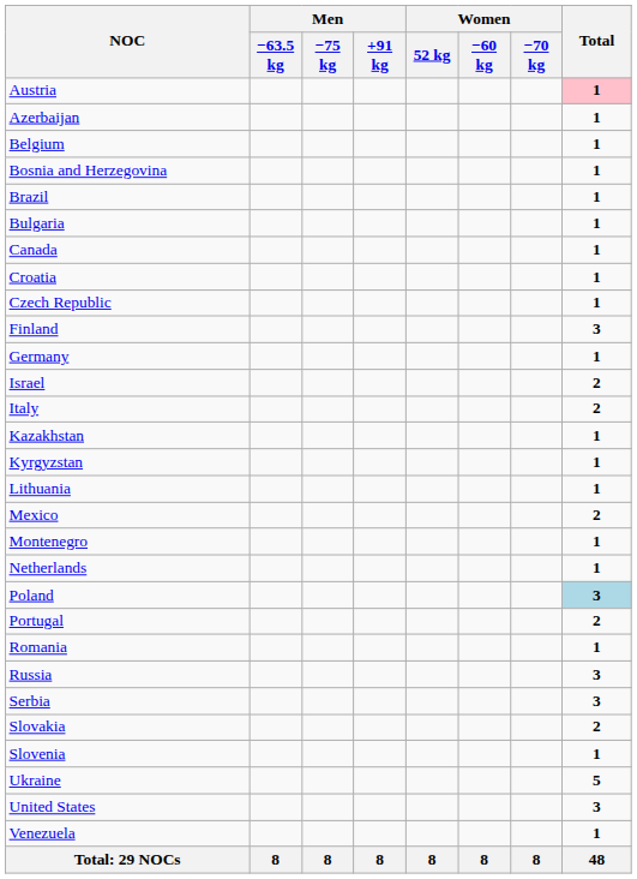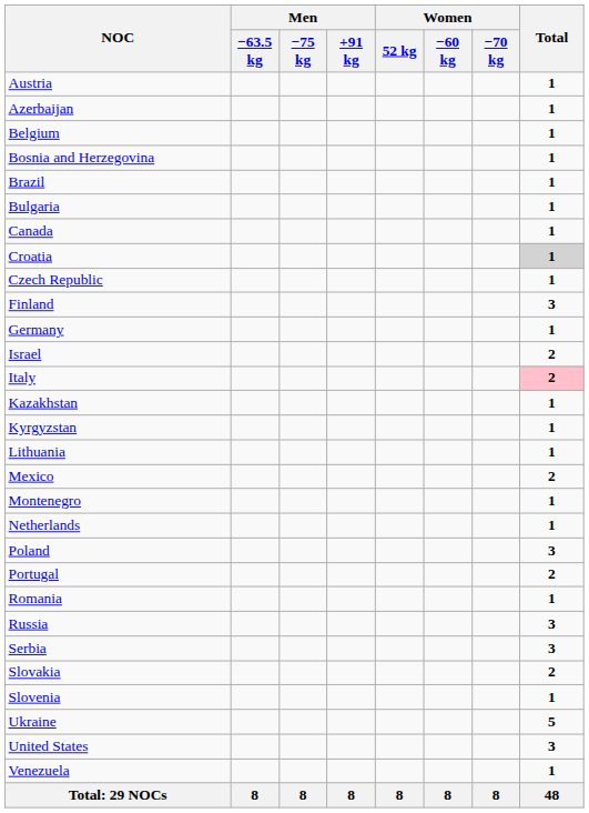 <table class="wikitable sortable" style="text-align:center; font-size:90%">
 <tr>
 <th rowspan="2" width=212 align="left">NOC</th>
 <th colspan=3>Men</th>
 <th colspan=3>Women</th>
 <th width=55 rowspan="2">Total</th>
 </tr>
 <tr>
 <th width=40><a href='#'>−63.5 kg</a></th>
 <th width=40><a href='#'>−75 kg</a></th>
 <th width=40><a href='#'>+91 kg</a></th>
 <th width=40><a href='#'>52 kg</a></th>
 <th width=40><a href='#'>−60 kg</a></th>
 <th width=40><a href='#'>−70 kg</a></th>
 </tr>
 <tr>
 <td align=left> <a href='#'>Austria</a></td>
 <td></td>
 <td></td>
 <td></td>
 <td></td>
 <td></td>
 <td></td>
-<td style="background: pink;"><strong>1</strong></td>
+<td><strong>1</strong></td>
 </tr>
 <tr>
 <td align=left> <a href='#'>Azerbaijan</a></td>
 <td></td>
 <td></td>
 <td></td>
 <td></td>
 <td></td>
 <td></td>
 <td><strong>1</strong></td>
 </tr>
 <tr>
 <td align=left> <a href='#'>Belgium</a></td>
 <td></td>
 <td></td>
 <td></td>
 <td></td>
 <td></td>
 <td></td>
 <td><strong>1</strong></td>
 </tr>
 <tr>
 <td align=left> <a href='#'>Bosnia and Herzegovina</a></td>
 <td></td>
 <td></td>
 <td></td>
 <td></td>
 <td></td>
 <td></td>
 <td><strong>1</strong></td>
 </tr>
 <tr>
 <td align=left> <a href='#'>Brazil</a></td>
 <td></td>
 <td></td>
 <td></td>
 <td></td>
 <td></td>
 <td></td>
 <td><strong>1</strong></td>
 </tr>
 <tr>
 <td align=left> <a href='#'>Bulgaria</a></td>
 <td></td>
 <td></td>
 <td></td>
 <td></td>
 <td></td>
 <td></td>
 <td><strong>1</strong></td>
 </tr>
 <tr>
 <td align=left> <a href='#'>Canada</a></td>
 <td></td>
 <td></td>
 <td></td>
 <td></td>
 <td></td>
 <td></td>
 <td><strong>1</strong></td>
 </tr>
 <tr>
 <td align=left> <a href='#'>Croatia</a></td>
 <td></td>
 <td></td>
 <td></td>
 <td></td>
 <td></td>
 <td></td>
-<td><strong>1</strong></td>
+<td style="background: lightgrey;"><strong>1</strong></td>
 </tr>
 <tr>
 <td align=left> <a href='#'>Czech Republic</a></td>
 <td></td>
 <td></td>
 <td></td>
 <td></td>
 <td></td>
 <td></td>
 <td><strong>1</strong></td>
 </tr>
 <tr>
 <td align=left> <a href='#'>Finland</a></td>
 <td></td>
 <td></td>
 <td></td>
 <td></td>
 <td></td>
 <td></td>
 <td><strong>3</strong></td>
 </tr>
 <tr>
 <td align=left> <a href='#'>Germany</a></td>
 <td></td>
 <td></td>
 <td></td>
 <td></td>
 <td></td>
 <td></td>
 <td><strong>1</strong></td>
 </tr>
 <tr>
 <td align=left> <a href='#'>Israel</a></td>
 <td></td>
 <td></td>
 <td></td>
 <td></td>
 <td></td>
 <td></td>
 <td><strong>2</strong></td>
 </tr>
 <tr>
 <td align=left> <a href='#'>Italy</a></td>
 <td></td>
 <td></td>
 <td></td>
 <td></td>
 <td></td>
 <td></td>
-<td><strong>2</strong></td>
+<td style="background: pink;"><strong>2</strong></td>
 </tr>
 <tr>
 <td align=left> <a href='#'>Kazakhstan</a></td>
 <td></td>
 <td></td>
 <td></td>
 <td></td>
 <td></td>
 <td></td>
 <td><strong>1</strong></td>
 </tr>
 <tr>
 <td align=left> <a href='#'>Kyrgyzstan</a></td>
 <td></td>
 <td></td>
 <td></td>
 <td></td>
 <td></td>
 <td></td>
 <td><strong>1</strong></td>
 </tr>
 <tr>
 <td align=left> <a href='#'>Lithuania</a></td>
 <td></td>
 <td></td>
 <td></td>
 <td></td>
 <td></td>
 <td></td>
 <td><strong>1</strong></td>
 </tr>
 <tr>
 <td align=left> <a href='#'>Mexico</a></td>
 <td></td>
 <td></td>
 <td></td>
 <td></td>
 <td></td>
 <td></td>
 <td><strong>2</strong></td>
 </tr>
 <tr>
 <td align=left> <a href='#'>Montenegro</a></td>
 <td></td>
 <td></td>
 <td></td>
 <td></td>
 <td></td>
 <td></td>
 <td><strong>1</strong></td>
 </tr>
 <tr>
 <td align=left> <a href='#'>Netherlands</a></td>
 <td></td>
 <td></td>
 <td></td>
 <td></td>
 <td></td>
 <td></td>
 <td><strong>1</strong></td>
 </tr>
 <tr>
 <td align=left> <a href='#'>Poland</a></td>
 <td></td>
 <td></td>
 <td></td>
 <td></td>
 <td></td>
 <td></td>
-<td style="background: lightblue;"><strong>3</strong></td>
+<td><strong>3</strong></td>
 </tr>
 <tr>
 <td align=left> <a href='#'>Portugal</a></td>
 <td></td>
 <td></td>
 <td></td>
 <td></td>
 <td></td>
 <td></td>
 <td><strong>2</strong></td>
 </tr>
 <tr>
 <td align=left> <a href='#'>Romania</a></td>
 <td></td>
 <td></td>
 <td></td>
 <td></td>
 <td></td>
 <td></td>
 <td><strong>1</strong></td>
 </tr>
 <tr>
 <td align=left> <a href='#'>Russia</a></td>
 <td></td>
 <td></td>
 <td></td>
 <td></td>
 <td></td>
 <td></td>
 <td><strong>3</strong></td>
 </tr>
 <tr>
 <td align=left> <a href='#'>Serbia</a></td>
 <td></td>
 <td></td>
 <td></td>
 <td></td>
 <td></td>
 <td></td>
 <td><strong>3</strong></td>
 </tr>
 <tr>
 <td align=left> <a href='#'>Slovakia</a></td>
 <td></td>
 <td></td>
 <td></td>
 <td></td>
 <td></td>
 <td></td>
 <td><strong>2</strong></td>
 </tr>
 <tr>
 <td align=left> <a href='#'>Slovenia</a></td>
 <td></td>
 <td></td>
 <td></td>
 <td></td>
 <td></td>
 <td></td>
 <td><strong>1</strong></td>
 </tr>
 <tr>
 <td align=left> <a href='#'>Ukraine</a></td>
 <td></td>
 <td></td>
 <td></td>
 <td></td>
 <td></td>
 <td></td>
 <td><strong>5</strong></td>
 </tr>
 <tr>
 <td align=left> <a href='#'>United States</a></td>
 <td></td>
 <td></td>
 <td></td>
 <td></td>
 <td></td>
 <td></td>
 <td><strong>3</strong></td>
 </tr>
 <tr>
 <td align=left> <a href='#'>Venezuela</a></td>
 <td></td>
 <td></td>
 <td></td>
 <td></td>
 <td></td>
 <td></td>
 <td><strong>1</strong></td>
 </tr>
 <tr>
 <th>Total: 29 NOCs</th>
 <th>8</th>
 <th>8</th>
 <th>8</th>
 <th>8</th>
 <th>8</th>
 <th>8</th>
 <th>48</th>
 </tr>
 </table>
